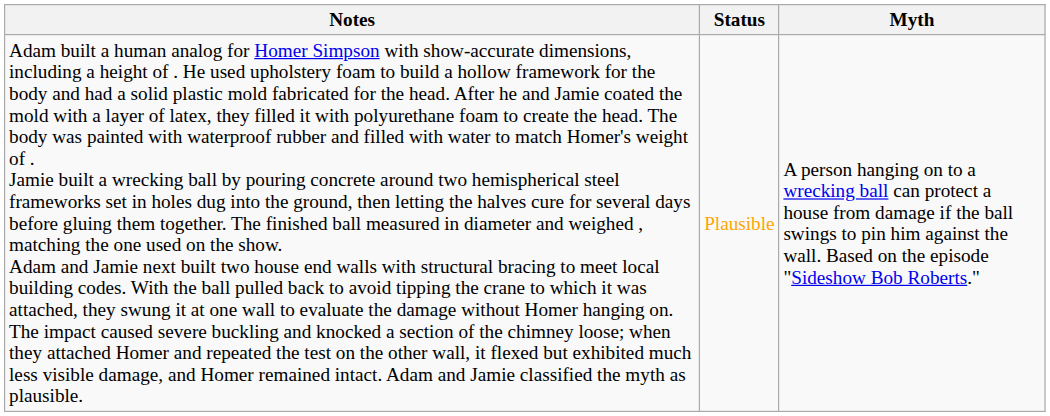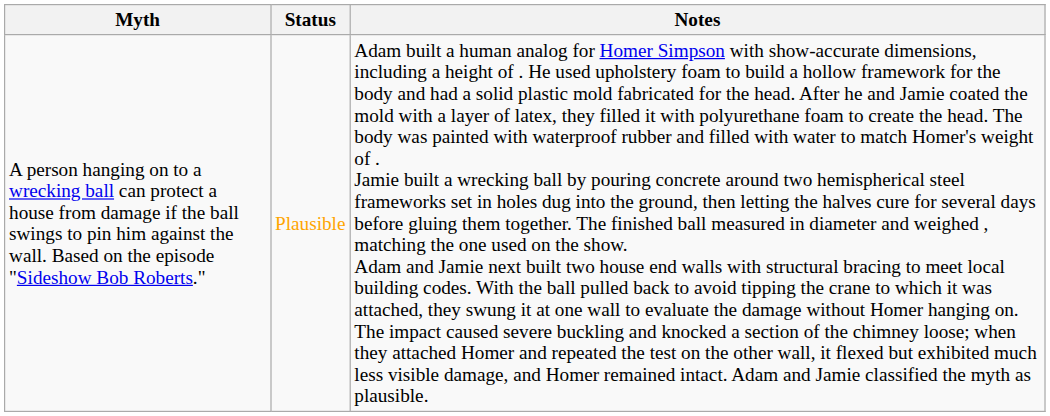 <table class="wikitable plainrowheaders">
 <tr>
+<th scope"col">Myth</th>
+<th scope"col">Status</th>
 <th scope"col">Notes</th>
-<th scope"col">Status</th>
-<th scope"col">Myth</th>
 </tr>
 <tr>
+<td scope"row">A person hanging on to a <a href='#'>wrecking ball</a> can protect a house from damage if the ball swings to pin him against the wall. Based on the episode "<a href='#'>Sideshow Bob Roberts</a>."</td>
+<td style="color:orange">Plausible</td>
 <td>Adam built a human analog for <a href='#'>Homer Simpson</a> with show-accurate dimensions, including a height of . He used upholstery foam to build a hollow framework for the body and had a solid plastic mold fabricated for the head. After he and Jamie coated the mold with a layer of latex, they filled it with polyurethane foam to create the head. The body was painted with waterproof rubber and filled with water to match Homer's weight of .<br>Jamie built a wrecking ball by pouring concrete around two hemispherical steel frameworks set in holes dug into the ground, then letting the halves cure for several days before gluing them together. The finished ball measured  in diameter and weighed , matching the one used on the show.<br>Adam and Jamie next built two house end walls with structural bracing to meet local building codes. With the ball pulled back  to avoid tipping the crane to which it was attached, they swung it at one wall to evaluate the damage without Homer hanging on. The impact caused severe buckling and knocked a section of the chimney loose; when they attached Homer and repeated the test on the other wall, it flexed but exhibited much less visible damage, and Homer remained intact. Adam and Jamie classified the myth as plausible.</td>
-<td style="color:orange">Plausible</td>
-<td scope"row">A person hanging on to a <a href='#'>wrecking ball</a> can protect a house from damage if the ball swings to pin him against the wall. Based on the episode "<a href='#'>Sideshow Bob Roberts</a>."</td>
 </tr>
 </table>
